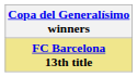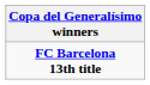 <table class="wikitable" style="text-align: center; margin: 0 auto;">
 <tr>
 <th><a href='#'>Copa del Generalísimo</a><br>winners</th>
 </tr>
 <tr>
-<td style="background: khaki;"><strong><a href='#'>FC Barcelona</a></strong><br><strong>13th title</strong></td>
+<td><strong><a href='#'>FC Barcelona</a></strong><br><strong>13th title</strong></td>
 </tr>
 </table>
